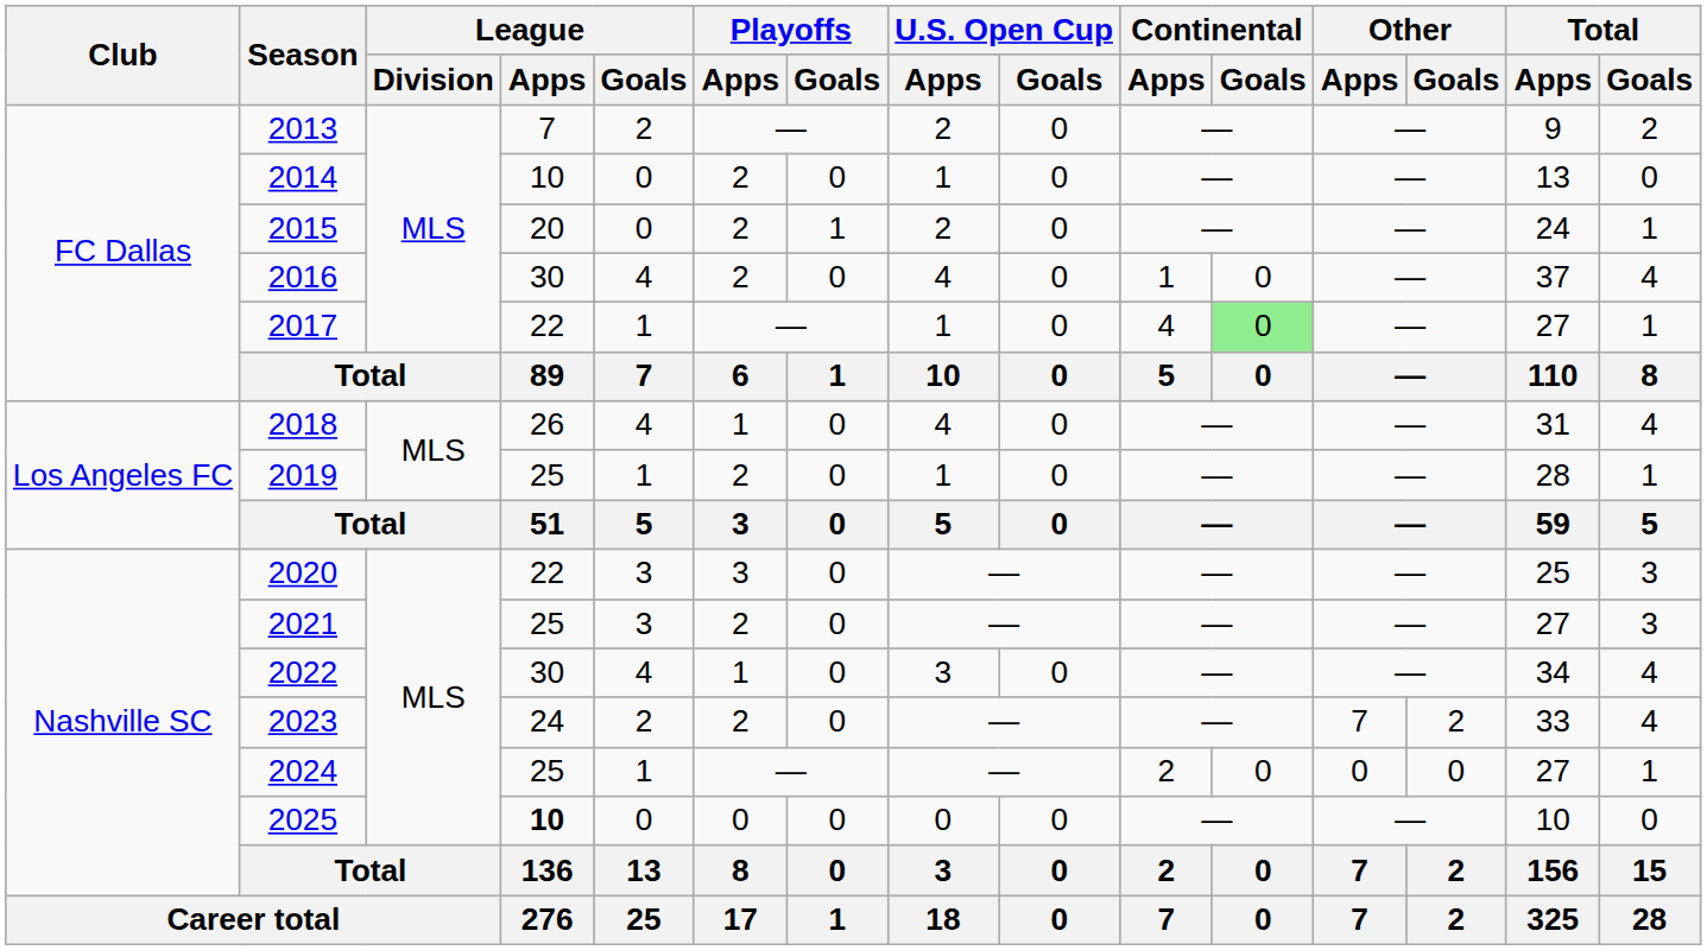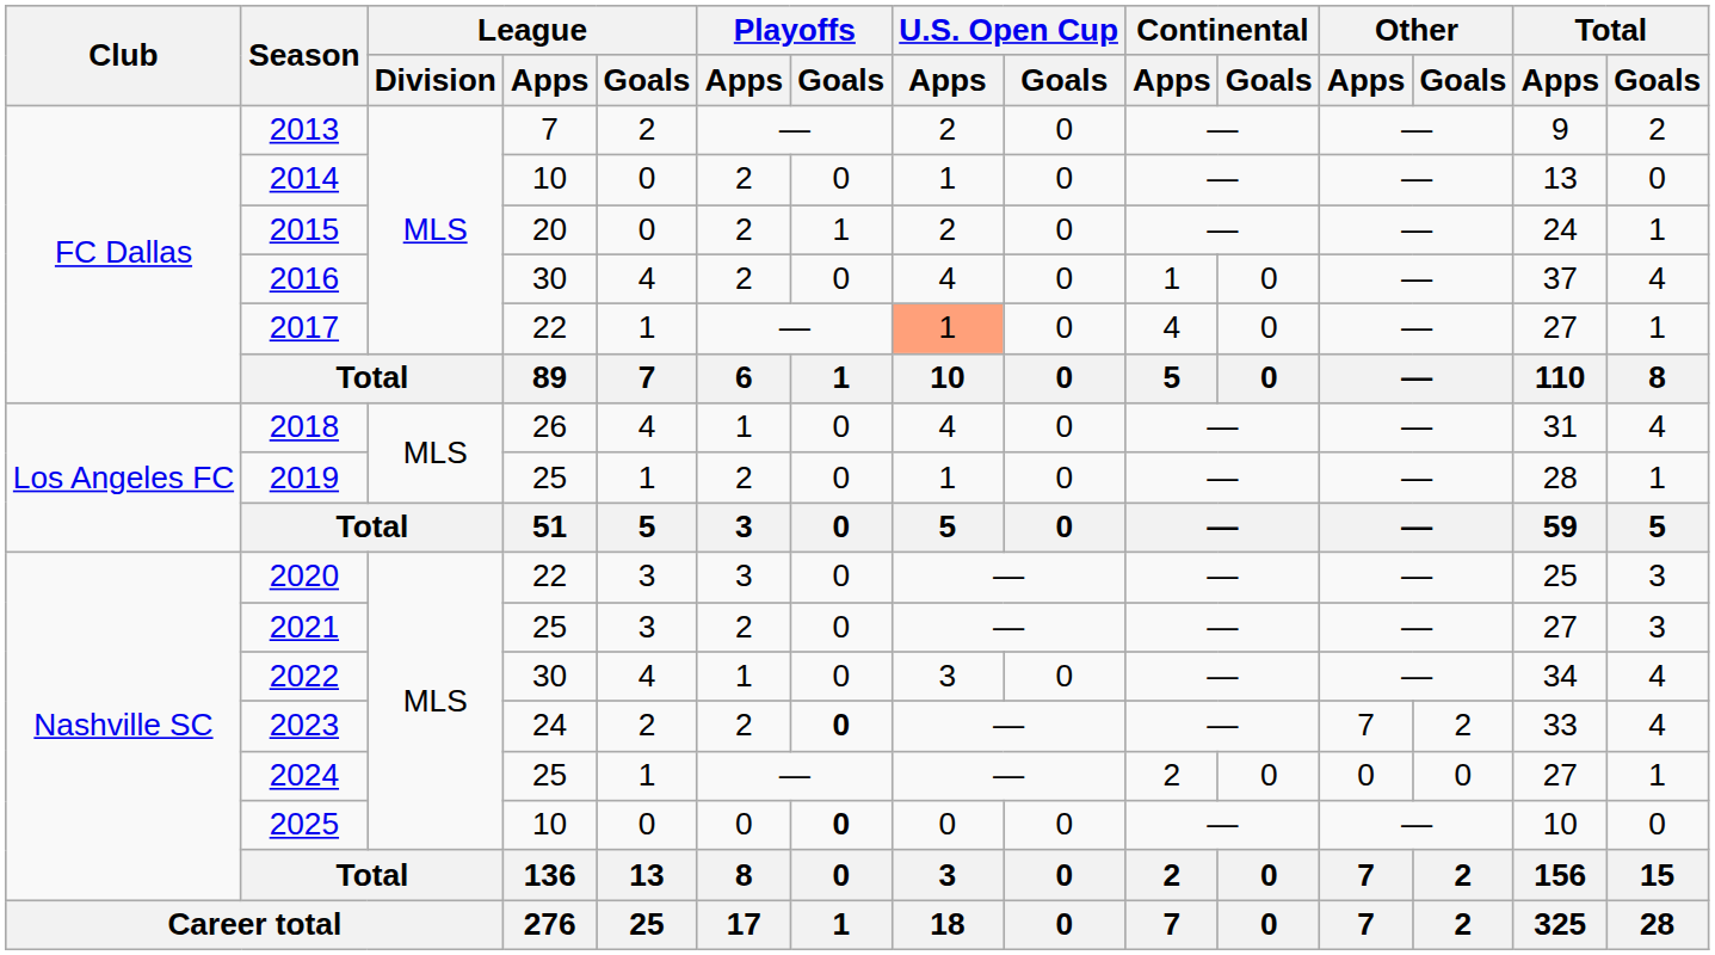 <table class="wikitable" style="text-align:center">
 <tr>
 <th rowspan="2">Club</th>
 <th rowspan="2">Season</th>
 <th colspan="3">League</th>
 <th colspan="2"><a href='#'>Playoffs</a></th>
 <th colspan="2"><a href='#'>U.S. Open Cup</a></th>
 <th colspan="2">Continental</th>
 <th colspan="2">Other</th>
 <th colspan="2">Total</th>
 </tr>
 <tr>
 <th>Division</th>
 <th>Apps</th>
 <th>Goals</th>
 <th>Apps</th>
 <th>Goals</th>
 <th>Apps</th>
 <th>Goals</th>
 <th>Apps</th>
 <th>Goals</th>
 <th>Apps</th>
 <th>Goals</th>
 <th>Apps</th>
 <th>Goals</th>
 </tr>
 <tr>
 <td rowspan="6"><a href='#'>FC Dallas</a></td>
 <td><a href='#'>2013</a></td>
 <td rowspan="5"><a href='#'>MLS</a></td>
 <td>7</td>
 <td>2</td>
 <td colspan="2">—</td>
 <td>2</td>
 <td>0</td>
 <td colspan="2">—</td>
 <td colspan="2">—</td>
 <td>9</td>
 <td>2</td>
 </tr>
 <tr>
 <td><a href='#'>2014</a></td>
 <td>10</td>
 <td>0</td>
 <td>2</td>
 <td>0</td>
 <td>1</td>
 <td>0</td>
 <td colspan="2">—</td>
 <td colspan="2">—</td>
 <td>13</td>
 <td>0</td>
 </tr>
 <tr>
 <td><a href='#'>2015</a></td>
 <td>20</td>
 <td>0</td>
 <td>2</td>
 <td>1</td>
 <td>2</td>
 <td>0</td>
 <td colspan="2">—</td>
 <td colspan="2">—</td>
 <td>24</td>
 <td>1</td>
 </tr>
 <tr>
 <td><a href='#'>2016</a></td>
 <td>30</td>
 <td>4</td>
 <td>2</td>
 <td>0</td>
 <td>4</td>
 <td>0</td>
 <td>1</td>
 <td>0</td>
 <td colspan="2">—</td>
 <td>37</td>
 <td>4</td>
 </tr>
 <tr>
 <td><a href='#'>2017</a></td>
 <td>22</td>
 <td>1</td>
 <td colspan="2">—</td>
-<td>1</td>
+<td style="background: lightsalmon;">1</td>
 <td>0</td>
 <td>4</td>
-<td style="background: lightgreen;">0</td>
+<td>0</td>
 <td colspan="2">—</td>
 <td>27</td>
 <td>1</td>
 </tr>
 <tr>
 <th colspan="2">Total</th>
 <th>89</th>
 <th>7</th>
 <th>6</th>
 <th>1</th>
 <th>10</th>
 <th>0</th>
 <th>5</th>
 <th>0</th>
 <th colspan="2">—</th>
 <th>110</th>
 <th>8</th>
 </tr>
 <tr>
 <td rowspan="3"><a href='#'>Los Angeles FC</a></td>
 <td><a href='#'>2018</a></td>
 <td rowspan="2">MLS</td>
 <td>26</td>
 <td>4</td>
 <td>1</td>
 <td>0</td>
 <td>4</td>
 <td>0</td>
 <td colspan="2">—</td>
 <td colspan="2">—</td>
 <td>31</td>
 <td>4</td>
 </tr>
 <tr>
 <td><a href='#'>2019</a></td>
 <td>25</td>
 <td>1</td>
 <td>2</td>
 <td>0</td>
 <td>1</td>
 <td>0</td>
 <td colspan="2">—</td>
 <td colspan="2">—</td>
 <td>28</td>
 <td>1</td>
 </tr>
 <tr>
 <th colspan="2">Total</th>
 <th>51</th>
 <th>5</th>
 <th>3</th>
 <th>0</th>
 <th>5</th>
 <th>0</th>
 <th colspan="2">—</th>
 <th colspan="2">—</th>
 <th>59</th>
 <th>5</th>
 </tr>
 <tr>
 <td rowspan="7"><a href='#'>Nashville SC</a></td>
 <td><a href='#'>2020</a></td>
 <td rowspan="6">MLS</td>
 <td>22</td>
 <td>3</td>
 <td>3</td>
 <td>0</td>
 <td colspan="2">—</td>
 <td colspan="2">—</td>
 <td colspan="2">—</td>
 <td>25</td>
 <td>3</td>
 </tr>
 <tr>
 <td><a href='#'>2021</a></td>
 <td>25</td>
 <td>3</td>
 <td>2</td>
 <td>0</td>
 <td colspan="2">—</td>
 <td colspan="2">—</td>
 <td colspan="2">—</td>
 <td>27</td>
 <td>3</td>
 </tr>
 <tr>
 <td><a href='#'>2022</a></td>
 <td>30</td>
 <td>4</td>
 <td>1</td>
 <td>0</td>
 <td>3</td>
 <td>0</td>
 <td colspan="2">—</td>
 <td colspan="2">—</td>
 <td>34</td>
 <td>4</td>
 </tr>
 <tr>
 <td><a href='#'>2023</a></td>
 <td>24</td>
 <td>2</td>
 <td>2</td>
-<td>0</td>
+<td><strong>0</strong></td>
 <td colspan="2">—</td>
 <td colspan="2">—</td>
 <td>7</td>
 <td>2</td>
 <td>33</td>
 <td>4</td>
 </tr>
 <tr>
 <td><a href='#'>2024</a></td>
 <td>25</td>
 <td>1</td>
 <td colspan="2">—</td>
 <td colspan="2">—</td>
 <td>2</td>
 <td>0</td>
 <td>0</td>
 <td>0</td>
 <td>27</td>
 <td>1</td>
 </tr>
 <tr>
 <td><a href='#'>2025</a></td>
-<td><strong>10</strong></td>
+<td>10</td>
 <td>0</td>
 <td>0</td>
-<td>0</td>
+<td><strong>0</strong></td>
 <td>0</td>
 <td>0</td>
 <td colspan="2">—</td>
 <td colspan="2">—</td>
 <td>10</td>
 <td>0</td>
 </tr>
 <tr>
 <th colspan="2">Total</th>
 <th>136</th>
 <th>13</th>
 <th>8</th>
 <th>0</th>
 <th>3</th>
 <th>0</th>
 <th>2</th>
 <th>0</th>
 <th>7</th>
 <th>2</th>
 <th>156</th>
 <th>15</th>
 </tr>
 <tr>
 <th colspan="3">Career total</th>
 <th>276</th>
 <th>25</th>
 <th>17</th>
 <th>1</th>
 <th>18</th>
 <th>0</th>
 <th>7</th>
 <th>0</th>
 <th>7</th>
 <th>2</th>
 <th>325</th>
 <th>28</th>
 </tr>
 </table>
